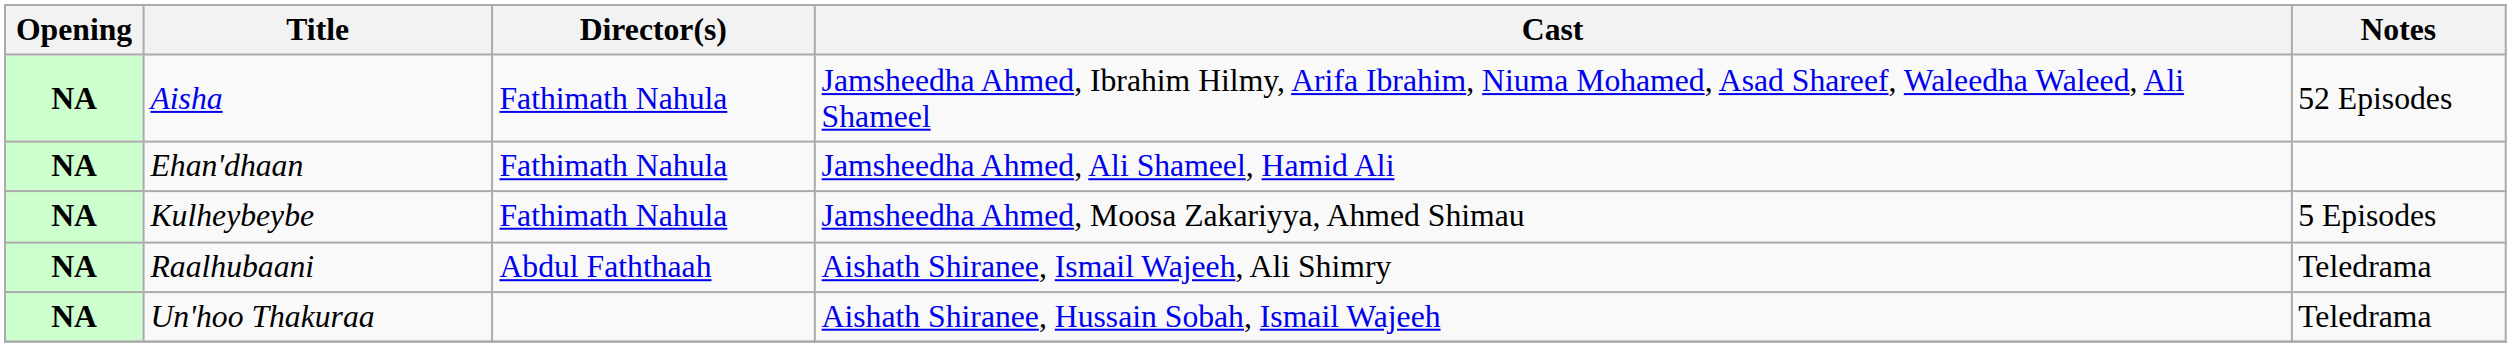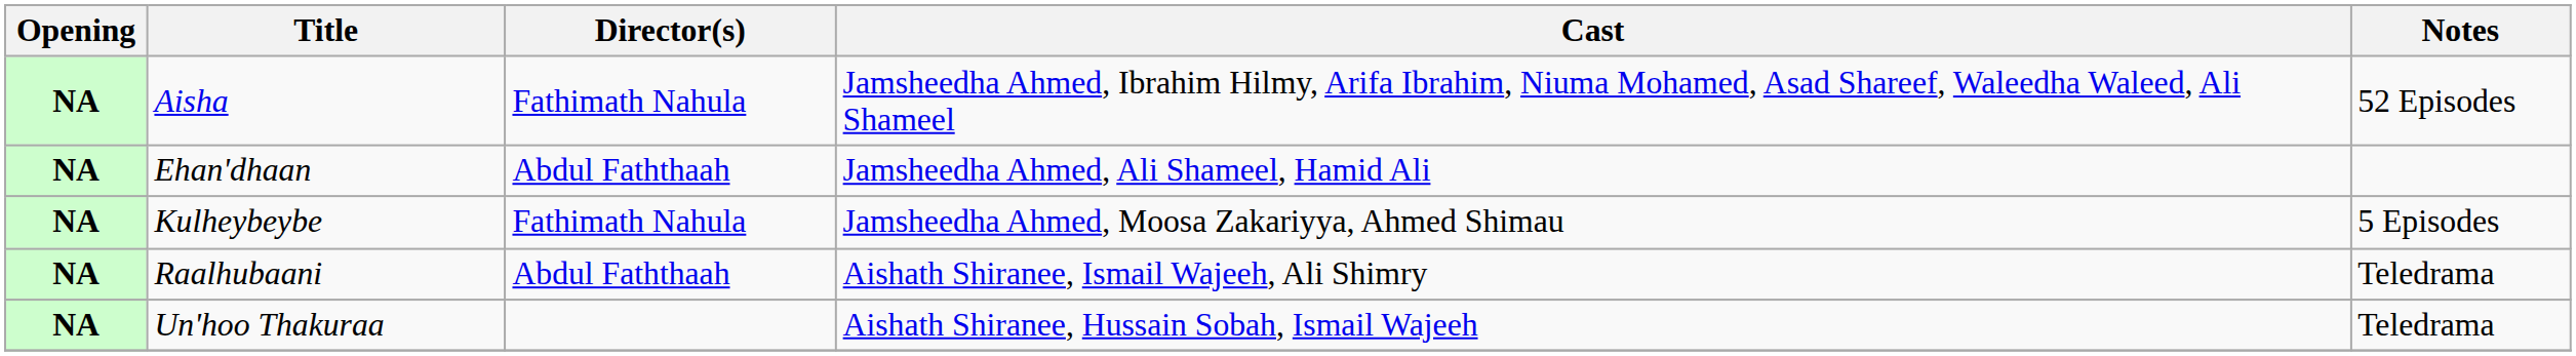 <table class="wikitable plainrowheaders" width="100%">
 <tr>
 <th scope="col" width="4%">Opening</th>
 <th scope="col" width=13%>Title</th>
 <th scope="col" width=12%>Director(s)</th>
 <th scope="col" width=55%>Cast</th>
 <th scope="col" width=8%>Notes</th>
 </tr>
 <tr>
 <td style="text-align:center; textcolor:#000; background:#cdfecd;"><strong>NA</strong></td>
 <td><em><a href='#'>Aisha</a></em></td>
 <td><a href='#'>Fathimath Nahula</a></td>
 <td><a href='#'>Jamsheedha Ahmed</a>, Ibrahim Hilmy, <a href='#'>Arifa Ibrahim</a>, <a href='#'>Niuma Mohamed</a>, <a href='#'>Asad Shareef</a>, <a href='#'>Waleedha Waleed</a>, <a href='#'>Ali Shameel</a></td>
 <td>52 Episodes</td>
 </tr>
 <tr>
 <td style="text-align:center; textcolor:#000; background:#cdfecd;"><strong>NA</strong></td>
 <td><em>Ehan'dhaan</em></td>
-<td><a href='#'>Fathimath Nahula</a></td>
+<td><a href='#'>Abdul Faththaah</a></td>
 <td><a href='#'>Jamsheedha Ahmed</a>, <a href='#'>Ali Shameel</a>, <a href='#'>Hamid Ali</a></td>
 <td></td>
 </tr>
 <tr>
 <td style="text-align:center; textcolor:#000; background:#cdfecd;"><strong>NA</strong></td>
 <td><em>Kulheybeybe</em></td>
 <td><a href='#'>Fathimath Nahula</a></td>
 <td><a href='#'>Jamsheedha Ahmed</a>, Moosa Zakariyya, Ahmed Shimau</td>
 <td>5 Episodes</td>
 </tr>
 <tr>
 <td style="text-align:center; textcolor:#000; background:#cdfecd;"><strong>NA</strong></td>
 <td><em>Raalhubaani</em></td>
 <td><a href='#'>Abdul Faththaah</a></td>
 <td><a href='#'>Aishath Shiranee</a>, <a href='#'>Ismail Wajeeh</a>, Ali Shimry</td>
 <td>Teledrama</td>
 </tr>
 <tr>
 <td style="text-align:center; textcolor:#000; background:#cdfecd;"><strong>NA</strong></td>
 <td><em>Un'hoo Thakuraa</em></td>
 <td></td>
 <td><a href='#'>Aishath Shiranee</a>, <a href='#'>Hussain Sobah</a>, <a href='#'>Ismail Wajeeh</a></td>
 <td>Teledrama</td>
 </tr>
 <tr>
 </tr>
 </table>
